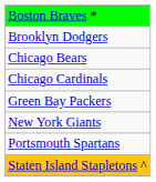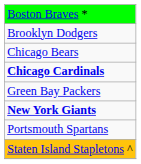 <table class="wikitable">
 <tr>
 <td style="background-color: #00FF00;"><a href='#'>Boston Braves</a> *</td>
 </tr>
 <tr>
 <td><a href='#'>Brooklyn Dodgers</a></td>
 </tr>
 <tr>
 <td><a href='#'>Chicago Bears</a></td>
 </tr>
 <tr>
-<td><a href='#'>Chicago Cardinals</a></td>
+<td><strong><a href='#'>Chicago Cardinals</a></strong></td>
 </tr>
 <tr>
 <td><a href='#'>Green Bay Packers</a></td>
 </tr>
 <tr>
-<td><a href='#'>New York Giants</a></td>
+<td><strong><a href='#'>New York Giants</a></strong></td>
 </tr>
 <tr>
 <td><a href='#'>Portsmouth Spartans</a></td>
 </tr>
 <tr>
 <td style="background-color: #FFC40C"><a href='#'>Staten Island Stapletons</a> ^</td>
 </tr>
 <tr>
 </tr>
 </table>
